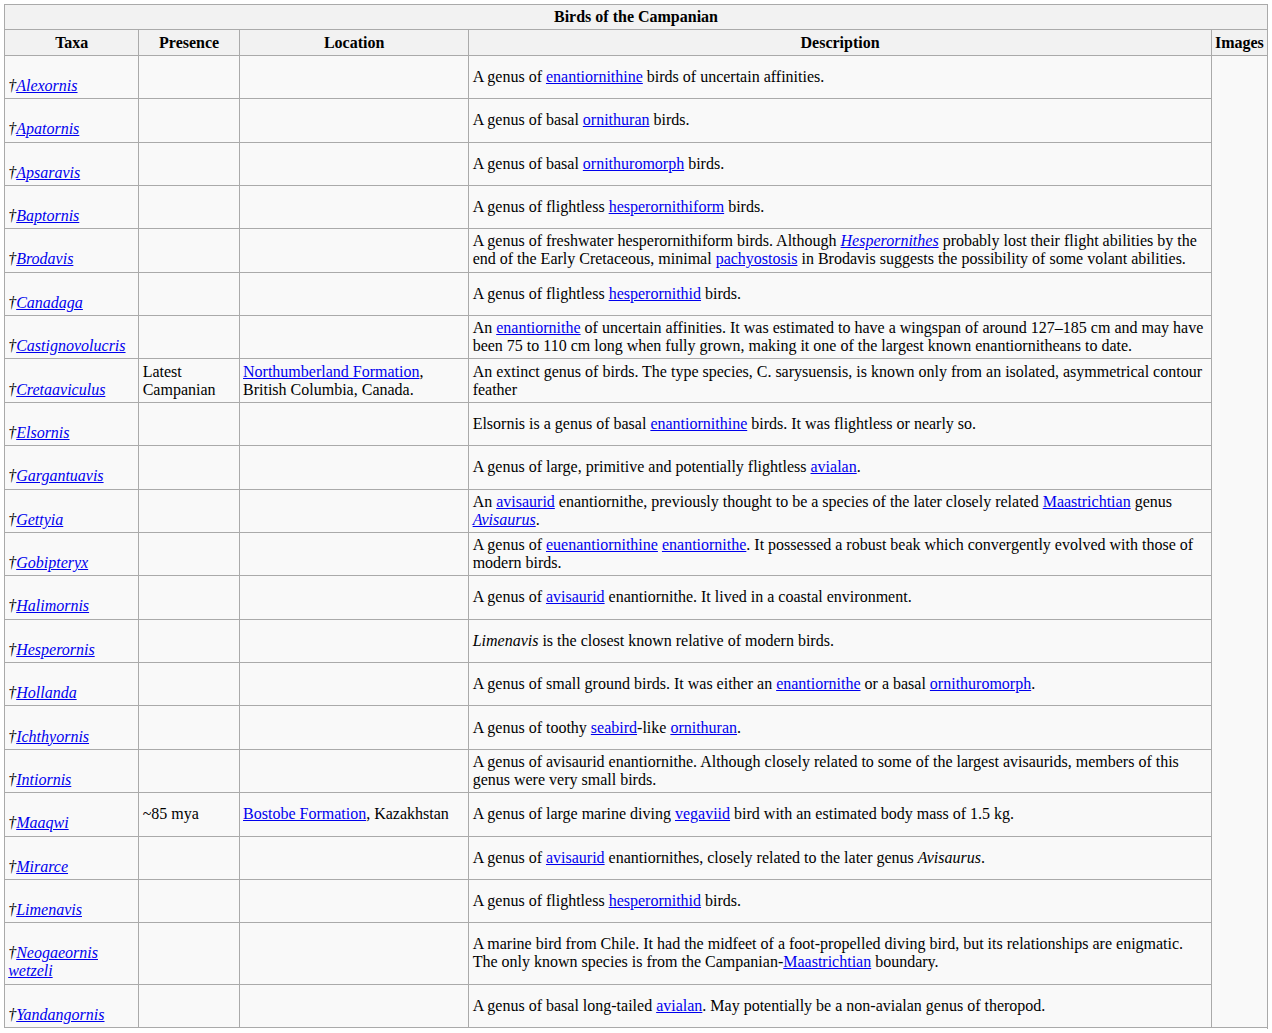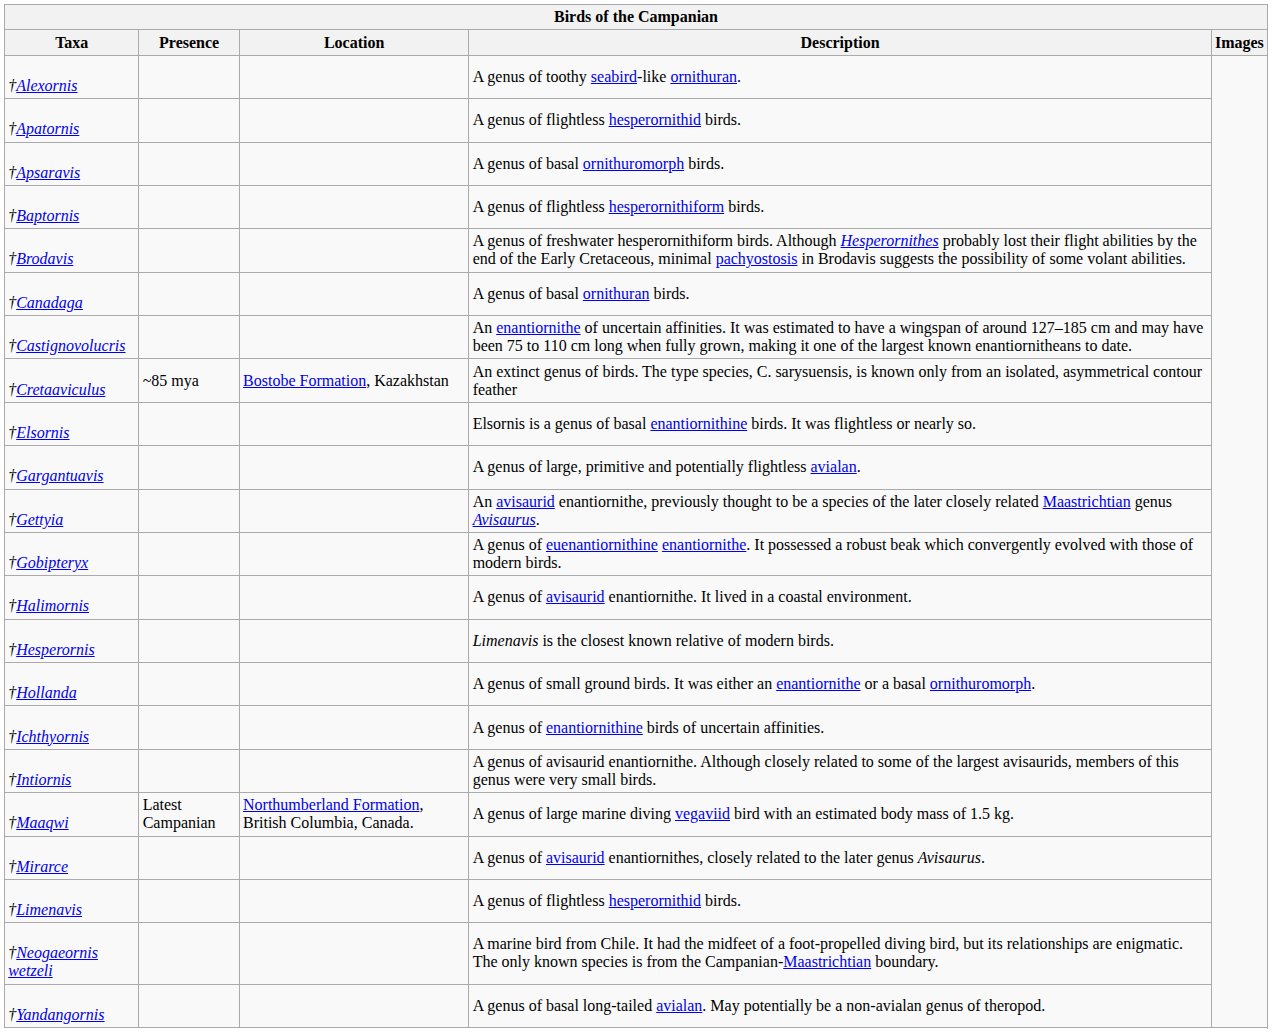 <table class="wikitable" align="center" width="100%">
 <tr>
 <th colspan="5" align="center">Birds of the Campanian</th>
 </tr>
 <tr>
 <th>Taxa</th>
 <th>Presence</th>
 <th>Location</th>
 <th>Description</th>
 <th>Images</th>
 </tr>
 <tr>
 <td><br><em>†<a href='#'>Alexornis</a></em></td>
 <td></td>
 <td></td>
-<td>A genus of <a href='#'>enantiornithine</a> birds of uncertain affinities.</td>
+<td>A genus of toothy <a href='#'>seabird</a>-like <a href='#'>ornithuran</a>.</td>
 <td rowspan="99"><br>   </td>
 </tr>
 <tr>
 <td><br><em>†<a href='#'>Apatornis</a></em></td>
 <td></td>
 <td></td>
-<td>A genus of basal <a href='#'>ornithuran</a> birds.</td>
+<td>A genus of flightless <a href='#'>hesperornithid</a> birds.</td>
 </tr>
 <tr>
 <td><br><em>†<a href='#'>Apsaravis</a></em></td>
 <td></td>
 <td></td>
 <td>A genus of basal <a href='#'>ornithuromorph</a> birds.</td>
 </tr>
 <tr>
 <td><br><em>†<a href='#'>Baptornis</a></em></td>
 <td></td>
 <td></td>
 <td>A genus of flightless <a href='#'>hesperornithiform</a> birds.</td>
 </tr>
 <tr>
 <td><br><em>†<a href='#'>Brodavis</a></em></td>
 <td></td>
 <td></td>
 <td>A genus of freshwater hesperornithiform birds. Although <em><a href='#'>Hesperornithes</a></em> probably lost their flight abilities by the end of the Early Cretaceous, minimal <a href='#'>pachyostosis</a> in Brodavis suggests the possibility of some volant abilities.</td>
 </tr>
 <tr>
 <td><br><em>†<a href='#'>Canadaga</a></em></td>
 <td></td>
 <td></td>
-<td>A genus of flightless <a href='#'>hesperornithid</a> birds.</td>
+<td>A genus of basal <a href='#'>ornithuran</a> birds.</td>
 </tr>
 <tr>
 <td><br><em>†<a href='#'>Castignovolucris</a></em></td>
 <td></td>
 <td></td>
 <td>An <a href='#'>enantiornithe</a> of uncertain affinities. It was estimated to have a wingspan of around 127–185 cm and may have been 75 to 110 cm long when fully grown, making it one of the largest known enantiornitheans to date.</td>
 </tr>
 <tr>
 <td><br><em>†<a href='#'>Cretaaviculus</a></em></td>
-<td>Latest Campanian</td>
-<td><a href='#'>Northumberland Formation</a>, British Columbia, Canada.</td>
+<td>~85 mya</td>
+<td><a href='#'>Bostobe Formation</a>, Kazakhstan</td>
 <td>An extinct genus of birds. The type species, C. sarysuensis, is known only from an isolated, asymmetrical contour feather</td>
 </tr>
 <tr>
 <td><br><em>†<a href='#'>Elsornis</a></em></td>
 <td></td>
 <td></td>
 <td>Elsornis is a genus of basal <a href='#'>enantiornithine</a> birds. It was flightless or nearly so.</td>
 </tr>
 <tr>
 <td><br><em>†<a href='#'>Gargantuavis</a></em></td>
 <td></td>
 <td></td>
 <td>A genus of large, primitive and potentially flightless <a href='#'>avialan</a>.</td>
 </tr>
 <tr>
 <td><br><em>†<a href='#'>Gettyia</a></em></td>
 <td></td>
 <td></td>
 <td>An <a href='#'>avisaurid</a> enantiornithe, previously thought to be a species of the later closely related <a href='#'>Maastrichtian</a> genus <em><a href='#'>Avisaurus</a></em>.</td>
 </tr>
 <tr>
 <td><br><em>†<a href='#'>Gobipteryx</a></em></td>
 <td></td>
 <td></td>
 <td>A genus of <a href='#'>euenantiornithine</a> <a href='#'>enantiornithe</a>. It possessed a robust beak which convergently evolved with those of modern birds.</td>
 </tr>
 <tr>
 <td><br><em>†<a href='#'>Halimornis</a></em></td>
 <td></td>
 <td></td>
 <td>A genus of <a href='#'>avisaurid</a> enantiornithe. It lived in a coastal environment.</td>
 </tr>
 <tr>
 <td><br><em>†<a href='#'>Hesperornis</a></em></td>
 <td></td>
 <td></td>
 <td><em>Limenavis</em> is the closest known relative of modern birds.</td>
 </tr>
 <tr>
 <td><br><em>†<a href='#'>Hollanda</a></em></td>
 <td></td>
 <td></td>
 <td>A genus of small ground birds. It was either an <a href='#'>enantiornithe</a> or a basal <a href='#'>ornithuromorph</a>.</td>
 </tr>
 <tr>
 <td><br><em>†<a href='#'>Ichthyornis</a></em></td>
 <td></td>
 <td></td>
-<td>A genus of toothy <a href='#'>seabird</a>-like <a href='#'>ornithuran</a>.</td>
+<td>A genus of <a href='#'>enantiornithine</a> birds of uncertain affinities.</td>
 </tr>
 <tr>
 <td><br><em>†<a href='#'>Intiornis</a></em></td>
 <td></td>
 <td></td>
 <td>A genus of avisaurid enantiornithe. Although closely related to some of the largest avisaurids, members of this genus were very small birds.</td>
 </tr>
 <tr>
 <td><br><em>†<a href='#'>Maaqwi</a></em></td>
-<td>~85 mya</td>
-<td><a href='#'>Bostobe Formation</a>, Kazakhstan</td>
+<td>Latest Campanian</td>
+<td><a href='#'>Northumberland Formation</a>, British Columbia, Canada.</td>
 <td>A genus of large marine diving <a href='#'>vegaviid</a> bird with an estimated body mass of 1.5 kg.</td>
 </tr>
 <tr>
 <td><br><em>†<a href='#'>Mirarce</a></em></td>
 <td></td>
 <td></td>
 <td>A genus of <a href='#'>avisaurid</a> enantiornithes, closely related to the later genus <em>Avisaurus</em>.</td>
 </tr>
 <tr>
 <td><br><em>†<a href='#'>Limenavis</a></em></td>
 <td></td>
 <td></td>
 <td>A genus of flightless <a href='#'>hesperornithid</a> birds.</td>
 </tr>
 <tr>
 <td><br><em>†<a href='#'>Neogaeornis wetzeli</a></em></td>
 <td></td>
 <td></td>
 <td>A marine bird from Chile. It had the midfeet of a foot-propelled diving bird, but its relationships are enigmatic. The only known species is from the Campanian-<a href='#'>Maastrichtian</a> boundary.</td>
 </tr>
 <tr>
 <td><br><em>†<a href='#'>Yandangornis</a></em></td>
 <td></td>
 <td></td>
 <td>A genus of basal long-tailed <a href='#'>avialan</a>. May potentially be a non-avialan genus of theropod.</td>
 </tr>
 <tr>
 </tr>
 </table>
